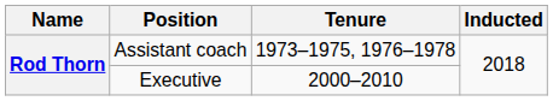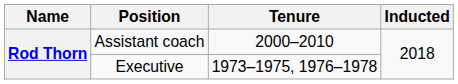 <table class="wikitable" style="text-align:center">
 <tr>
 <th scope="col">Name</th>
 <th scope="col">Position</th>
 <th scope="col">Tenure</th>
 <th scope="col">Inducted</th>
 </tr>
 <tr>
 <th scope="row" rowspan="2"><a href='#'>Rod Thorn</a></th>
 <td>Assistant coach</td>
-<td>1973–1975, 1976–1978</td>
+<td>2000–2010</td>
 <td rowspan="2">2018</td>
 </tr>
 <tr>
 <td>Executive</td>
-<td>2000–2010</td>
+<td>1973–1975, 1976–1978</td>
 </tr>
 </table>
